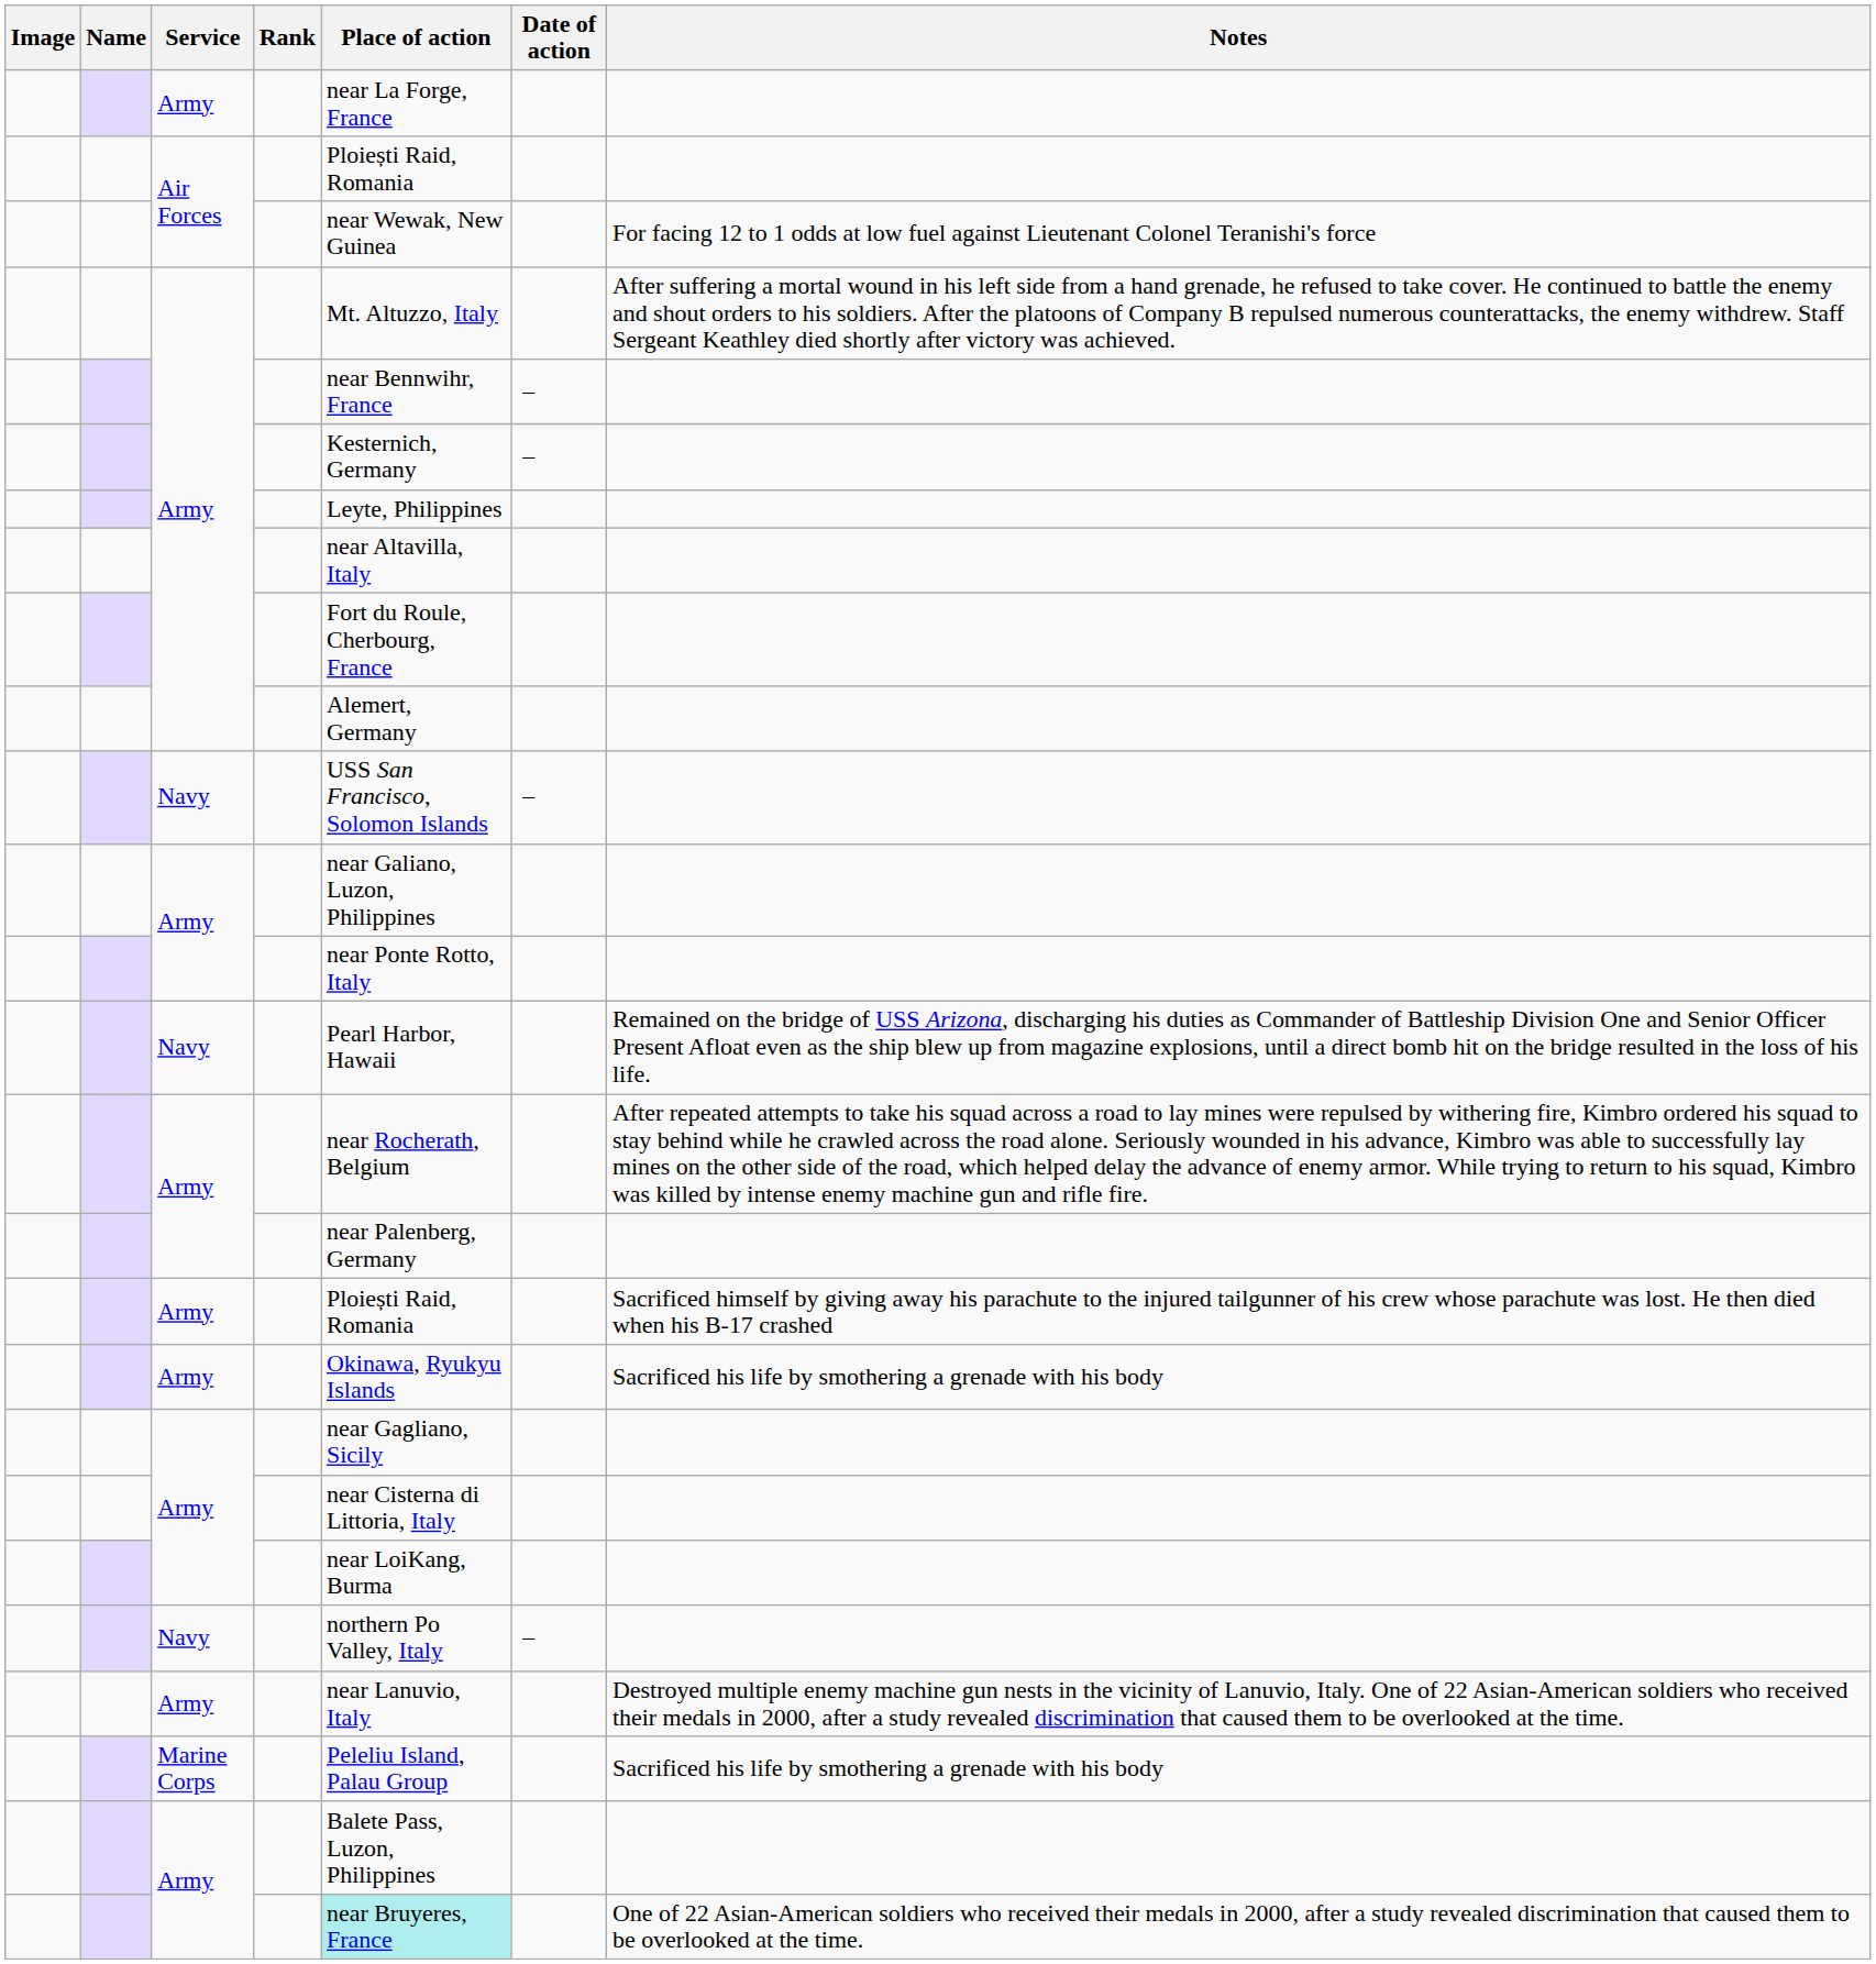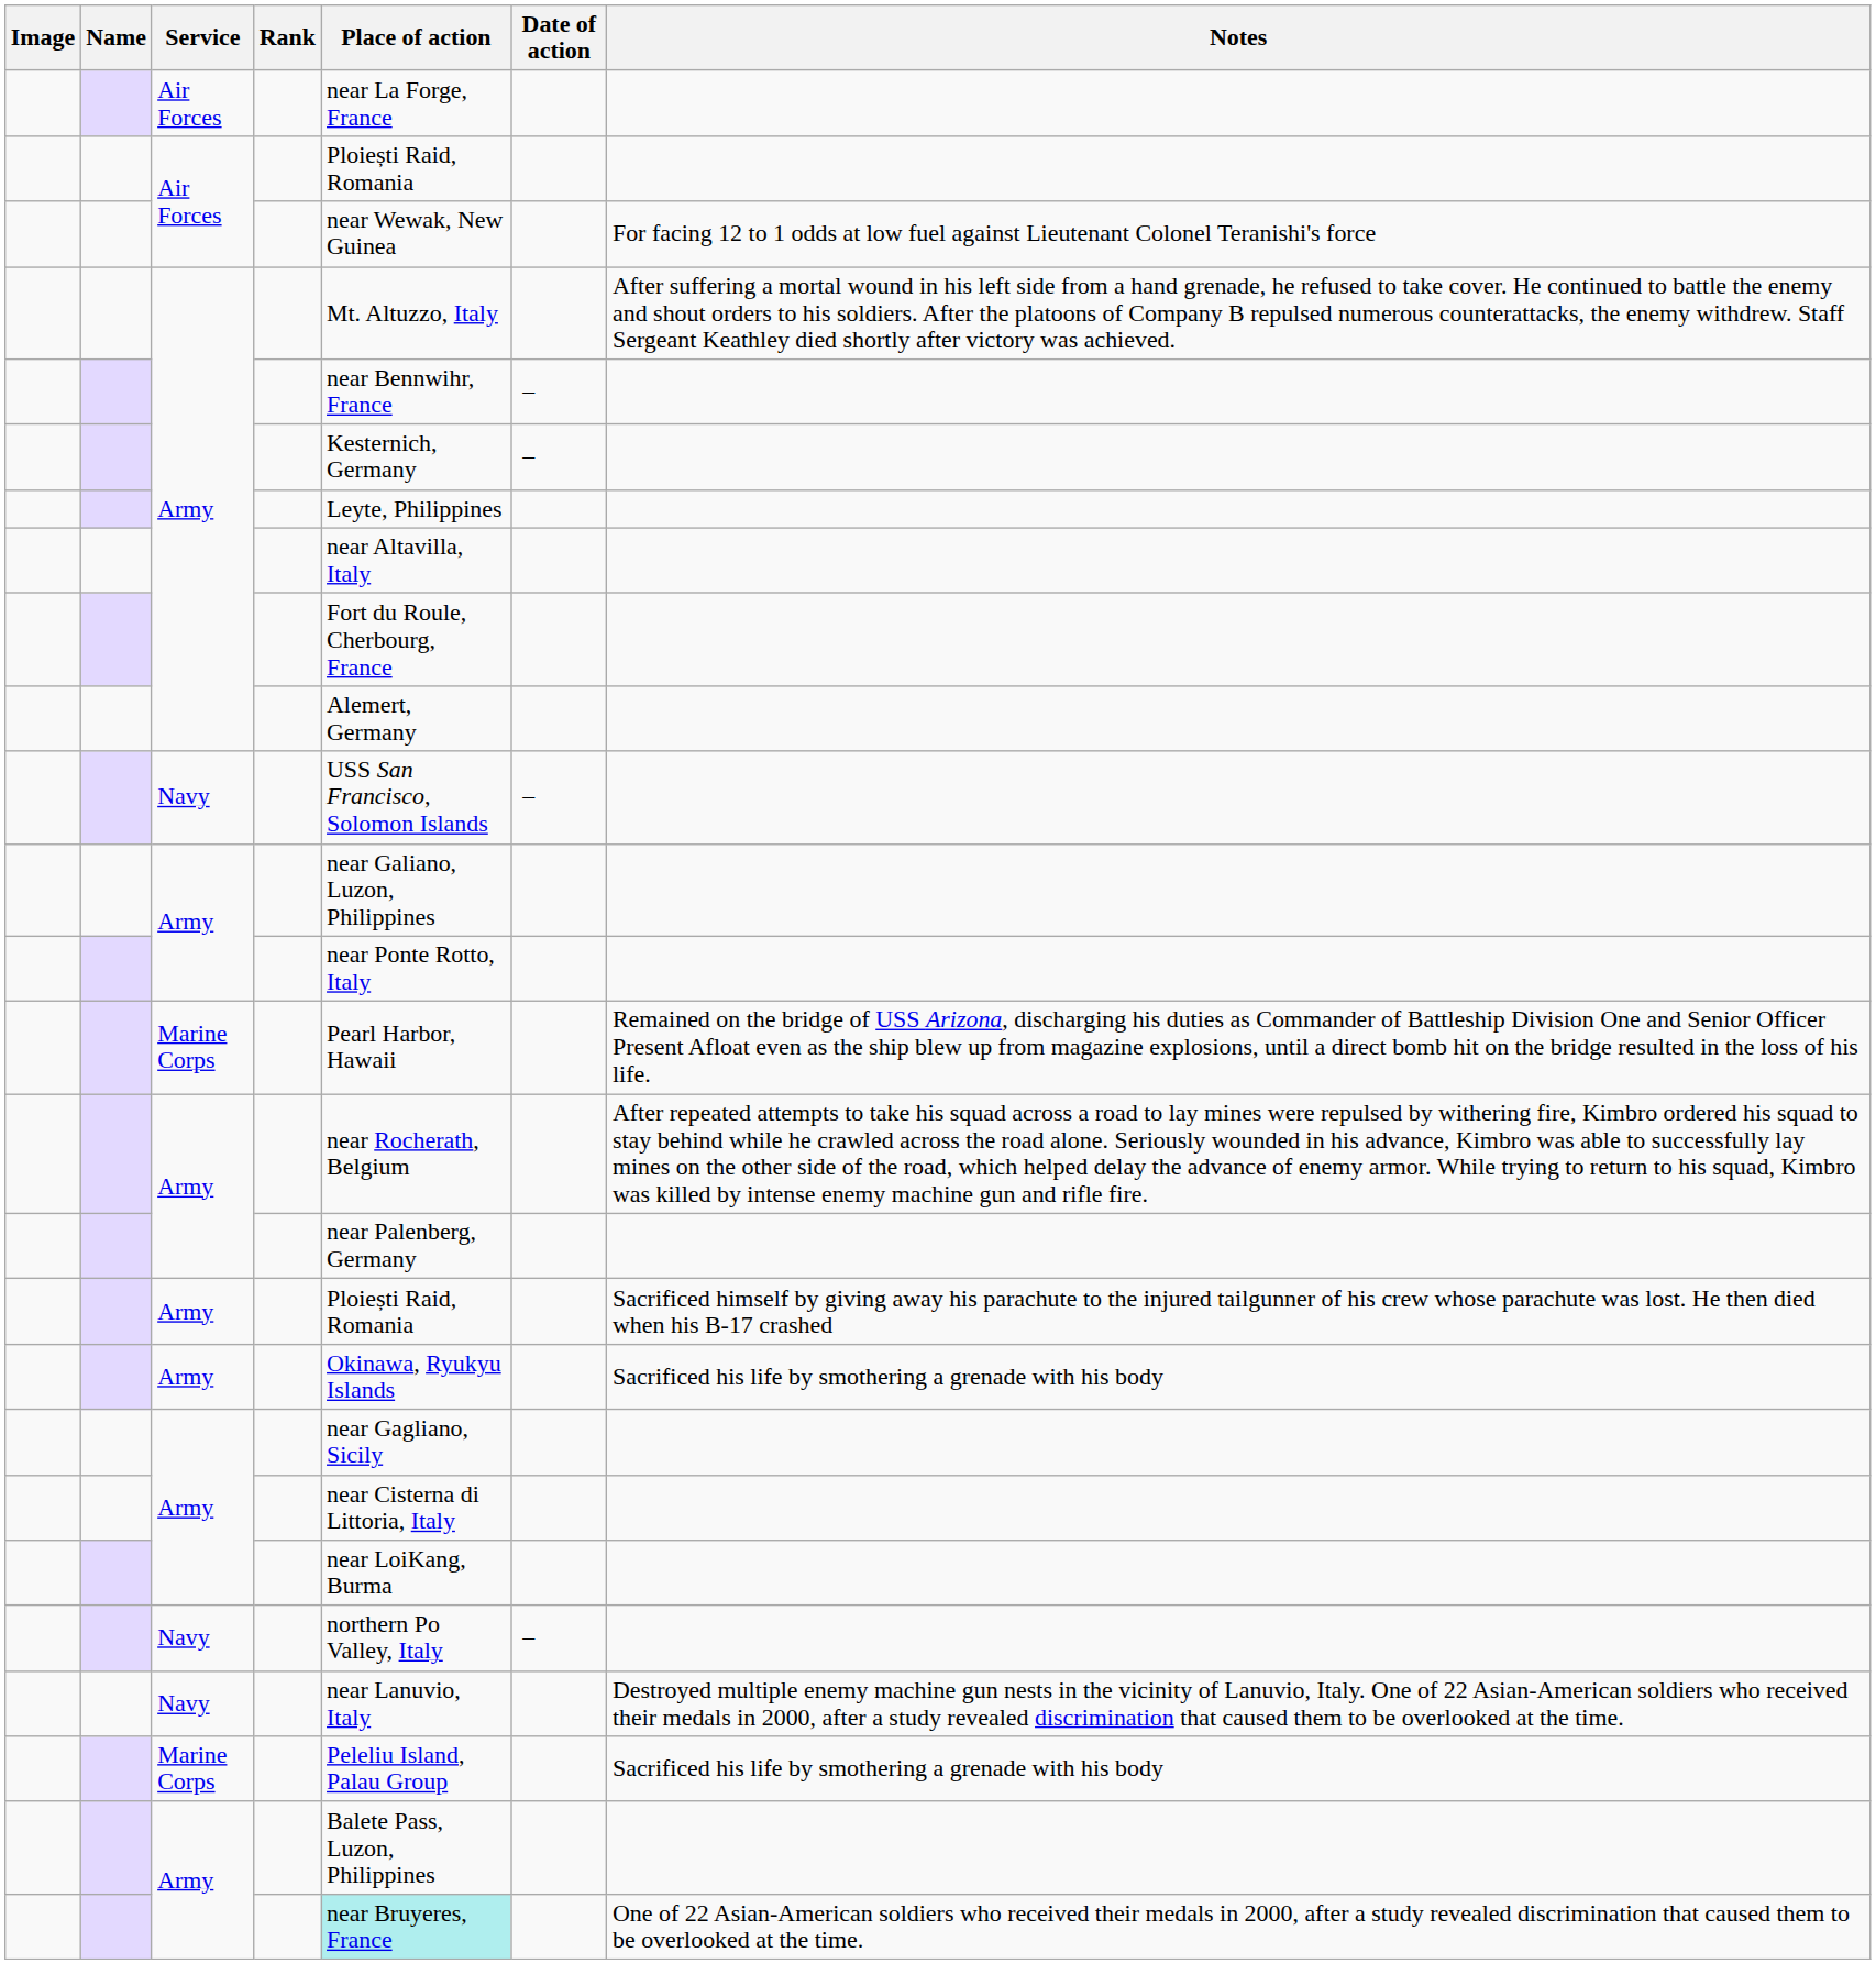 <table class="wikitable sortable" width="98%">
 <tr>
 <th class="unsortable">Image</th>
 <th>Name</th>
 <th>Service</th>
 <th>Rank</th>
 <th>Place of action</th>
 <th>Date of action</th>
 <th class="unsortable">Notes</th>
 </tr>
 <tr>
 <td></td>
 <td style="background:#e3d9ff;"></td>
-<td><a href='#'>Army</a></td>
+<td><a href='#'>Air Forces</a></td>
 <td></td>
 <td>near La Forge, <a href='#'>France</a></td>
 <td></td>
 <td></td>
 </tr>
 <tr>
 <td></td>
 <td></td>
 <td rowspan="2"><a href='#'>Air Forces</a></td>
 <td></td>
 <td>Ploiești Raid, Romania</td>
 <td></td>
 <td></td>
 </tr>
 <tr>
 <td></td>
 <td></td>
 <td></td>
 <td>near Wewak, New Guinea</td>
 <td></td>
 <td>For facing 12 to 1 odds at low fuel against Lieutenant Colonel Teranishi's force</td>
 </tr>
 <tr>
 <td></td>
 <td></td>
 <td rowspan="7"><a href='#'>Army</a></td>
 <td></td>
 <td>Mt. Altuzzo, <a href='#'>Italy</a></td>
 <td></td>
 <td>After suffering a mortal wound in his left side from a hand grenade, he refused to take cover. He continued to battle the enemy and shout orders to his soldiers. After the platoons of Company B repulsed numerous counterattacks, the enemy withdrew. Staff Sergeant Keathley died shortly after victory was achieved.</td>
 </tr>
 <tr>
 <td></td>
 <td style="background:#e3d9ff;"></td>
 <td></td>
 <td>near Bennwihr, <a href='#'>France</a></td>
 <td> – </td>
 <td></td>
 </tr>
 <tr>
 <td></td>
 <td style="background:#e3d9ff;"></td>
 <td></td>
 <td>Kesternich, Germany</td>
 <td> – </td>
 <td></td>
 </tr>
 <tr>
 <td></td>
 <td style="background:#e3d9ff;"></td>
 <td></td>
 <td>Leyte, Philippines</td>
 <td></td>
 <td></td>
 </tr>
 <tr>
 <td></td>
 <td></td>
 <td></td>
 <td>near Altavilla, <a href='#'>Italy</a></td>
 <td></td>
 <td></td>
 </tr>
 <tr>
 <td></td>
 <td style="background:#e3d9ff;"></td>
 <td></td>
 <td>Fort du Roule, Cherbourg, <a href='#'>France</a></td>
 <td></td>
 <td></td>
 </tr>
 <tr>
 <td></td>
 <td></td>
 <td></td>
 <td>Alemert, Germany</td>
 <td></td>
 <td></td>
 </tr>
 <tr>
 <td></td>
 <td style="background:#e3d9ff;"></td>
 <td><a href='#'>Navy</a></td>
 <td></td>
 <td>USS <em>San Francisco</em>, <a href='#'>Solomon Islands</a></td>
 <td> – </td>
 <td></td>
 </tr>
 <tr>
 <td></td>
 <td></td>
 <td rowspan="2"><a href='#'>Army</a></td>
 <td></td>
 <td>near Galiano, Luzon, Philippines</td>
 <td></td>
 <td></td>
 </tr>
 <tr>
 <td></td>
 <td style="background:#e3d9ff;"></td>
 <td></td>
 <td>near Ponte Rotto, <a href='#'>Italy</a></td>
 <td></td>
 <td></td>
 </tr>
 <tr>
 <td></td>
 <td style="background:#e3d9ff;"></td>
-<td><a href='#'>Navy</a></td>
+<td><a href='#'>Marine Corps</a></td>
 <td></td>
 <td>Pearl Harbor, Hawaii</td>
 <td></td>
 <td>Remained on the bridge of <a href='#'>USS <em>Arizona</em></a>, discharging his duties as Commander of Battleship Division One and Senior Officer Present Afloat even as the ship blew up from magazine explosions, until a direct bomb hit on the bridge resulted in the loss of his life.</td>
 </tr>
 <tr>
 <td></td>
 <td style="background:#e3d9ff;"></td>
 <td rowspan="2"><a href='#'>Army</a></td>
 <td></td>
 <td>near <a href='#'>Rocherath</a>, Belgium</td>
 <td></td>
 <td>After repeated attempts to take his squad across a road to lay mines were repulsed by withering fire, Kimbro ordered his squad to stay behind while he crawled across the road alone. Seriously wounded in his advance, Kimbro was able to successfully lay mines on the other side of the road, which helped delay the advance of enemy armor. While trying to return to his squad, Kimbro was killed by intense enemy machine gun and rifle fire.</td>
 </tr>
 <tr>
 <td></td>
 <td style="background:#e3d9ff;"></td>
 <td></td>
 <td>near Palenberg, Germany</td>
 <td></td>
 <td></td>
 </tr>
 <tr>
 <td></td>
 <td style="background:#e3d9ff;"></td>
 <td><a href='#'>Army</a></td>
 <td></td>
 <td>Ploiești Raid, Romania</td>
 <td></td>
 <td>Sacrificed himself by giving away his parachute to the injured tailgunner of his crew whose parachute was lost. He then died when his B-17 crashed</td>
 </tr>
 <tr>
 <td></td>
 <td style="background:#e3d9ff;"></td>
 <td><a href='#'>Army</a></td>
 <td></td>
 <td><a href='#'>Okinawa</a>, <a href='#'>Ryukyu Islands</a></td>
 <td></td>
 <td>Sacrificed his life by smothering a grenade with his body</td>
 </tr>
 <tr>
 <td></td>
 <td></td>
 <td rowspan="3"><a href='#'>Army</a></td>
 <td></td>
 <td>near Gagliano, <a href='#'>Sicily</a></td>
 <td></td>
 <td></td>
 </tr>
 <tr>
 <td></td>
 <td></td>
 <td></td>
 <td>near Cisterna di Littoria, <a href='#'>Italy</a></td>
 <td></td>
 <td></td>
 </tr>
 <tr>
 <td></td>
 <td style="background:#e3d9ff;"></td>
 <td></td>
 <td>near LoiKang, Burma</td>
 <td></td>
 <td></td>
 </tr>
 <tr>
 <td></td>
 <td style="background:#e3d9ff;"></td>
 <td><a href='#'>Navy</a></td>
 <td></td>
 <td>northern Po Valley, <a href='#'>Italy</a></td>
 <td> – </td>
 <td></td>
 </tr>
 <tr>
 <td></td>
 <td></td>
-<td><a href='#'>Army</a></td>
+<td><a href='#'>Navy</a></td>
 <td></td>
 <td>near Lanuvio, <a href='#'>Italy</a></td>
 <td></td>
 <td>Destroyed multiple enemy machine gun nests in the vicinity of Lanuvio, Italy. One of 22 Asian-American soldiers who received their medals in 2000, after a study revealed <a href='#'>discrimination</a> that caused them to be overlooked at the time.</td>
 </tr>
 <tr>
 <td></td>
 <td style="background:#e3d9ff;"></td>
 <td><a href='#'>Marine Corps</a></td>
 <td></td>
 <td><a href='#'>Peleliu Island</a>, <a href='#'>Palau Group</a></td>
 <td></td>
 <td>Sacrificed his life by smothering a grenade with his body</td>
 </tr>
 <tr>
 <td></td>
 <td style="background:#e3d9ff;"></td>
 <td rowspan="2"><a href='#'>Army</a></td>
 <td></td>
 <td>Balete Pass, Luzon, Philippines</td>
 <td></td>
 <td></td>
 </tr>
 <tr>
 <td></td>
 <td style="background:#e3d9ff;"></td>
 <td></td>
 <td style="background: paleturquoise;">near Bruyeres, <a href='#'>France</a></td>
 <td></td>
 <td>One of 22 Asian-American soldiers who received their medals in 2000, after a study revealed discrimination that caused them to be overlooked at the time.</td>
 </tr>
 </table>
